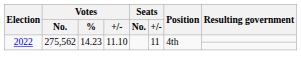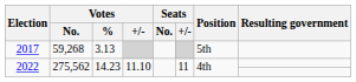 <table class="wikitable">
 <tr>
 <th rowspan="2" style="background-color:">Election</th>
 <th colspan="3" style="background-color:">Votes</th>
 <th colspan="2" style="background-color:">Seats</th>
 <th rowspan="2" style="background-color:">Position</th>
 <th rowspan="2" style="background-color:">Resulting government</th>
 </tr>
 <tr>
 <th style="background-color:">No.</th>
 <th style="background-color:">%</th>
 <th style="background-color:">+/-</th>
 <th style="background-color:">No.</th>
 <th style="background-color:">+/-</th>
 </tr>
 <tr>
+<td style="text-align: center;"><a href='#'>2017</a></td>
+<td>59,268</td>
+<td>3.13</td>
+<td bgcolor="lightgray"></td>
+<td></td>
+<td bgcolor="lightgray"></td>
+<td>5th</td>
+<td></td>
+</tr>
+<tr>
 <td rowspan="2" style="text-align: center;"><a href='#'>2022</a></td>
 <td rowspan="2">275,562</td>
 <td rowspan="2">14.23</td>
 <td rowspan="2"> 11.10</td>
 <td rowspan="2"></td>
 <td rowspan="2"> 11</td>
 <td rowspan="2"> 4th</td>
 <td></td>
 </tr>
 <tr>
 <td></td>
 </tr>
 </table>
